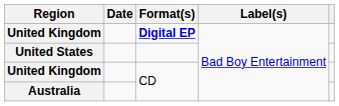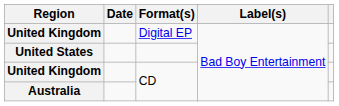 <table class="wikitable plainrowheaders">
 <tr>
 <th scope="col">Region</th>
 <th scope="col">Date</th>
 <th scope="col">Format(s)</th>
 <th scope="col">Label(s)</th>
 <th scope="col"></th>
 </tr>
 <tr>
 <th scope="row">United Kingdom</th>
 <td></td>
-<td><strong><a href='#'>Digital EP</a></strong></td>
+<td><a href='#'>Digital EP</a></td>
 <td rowspan="4"><a href='#'>Bad Boy Entertainment</a></td>
 <td></td>
 </tr>
 <tr>
 <th scope="row">United States</th>
 <td></td>
 <td></td>
 <td></td>
 </tr>
 <tr>
 <th scope="row">United Kingdom</th>
 <td></td>
 <td rowspan="2">CD</td>
 <td></td>
 </tr>
 <tr>
 <th scope="row">Australia</th>
 <td></td>
 <td></td>
 </tr>
 </table>
